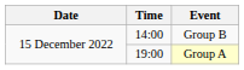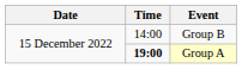 <table class = "wikitable" style="text-align:center;">
 <tr>
 <th width=150>Date</th>
 <th width=50>Time</th>
 <th width=80>Event</th>
 </tr>
 <tr>
 <td rowspan=2>15 December 2022</td>
 <td>14:00</td>
 <td>Group B</td>
 </tr>
 <tr>
-<td>19:00</td>
+<td><strong>19:00</strong></td>
 <td bgcolor=ffffcc>Group A</td>
 </tr>
 </table>
